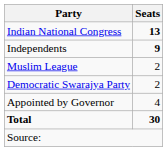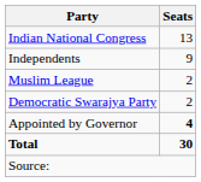 <table class=wikitable style=text-align:right>
 <tr>
 <th>Party</th>
 <th>Seats</th>
 </tr>
 <tr>
 <td align=left><a href='#'>Indian National Congress</a></td>
-<td><strong>13</strong></td>
+<td>13</td>
 </tr>
 <tr>
 <td align=left>Independents</td>
-<td><strong>9</strong></td>
+<td>9</td>
 </tr>
 <tr>
 <td align=left><a href='#'>Muslim League</a></td>
 <td>2</td>
 </tr>
 <tr>
 <td align=left><a href='#'>Democratic Swarajya Party</a></td>
 <td>2</td>
 </tr>
 <tr>
 <td align=left>Appointed by Governor</td>
-<td>4</td>
+<td><strong>4</strong></td>
 </tr>
 <tr>
 <td align=left><strong>Total</strong></td>
 <td><strong>30</strong></td>
 </tr>
 <tr>
 <td align=left colspan=4>Source: </td>
 </tr>
 </table>
